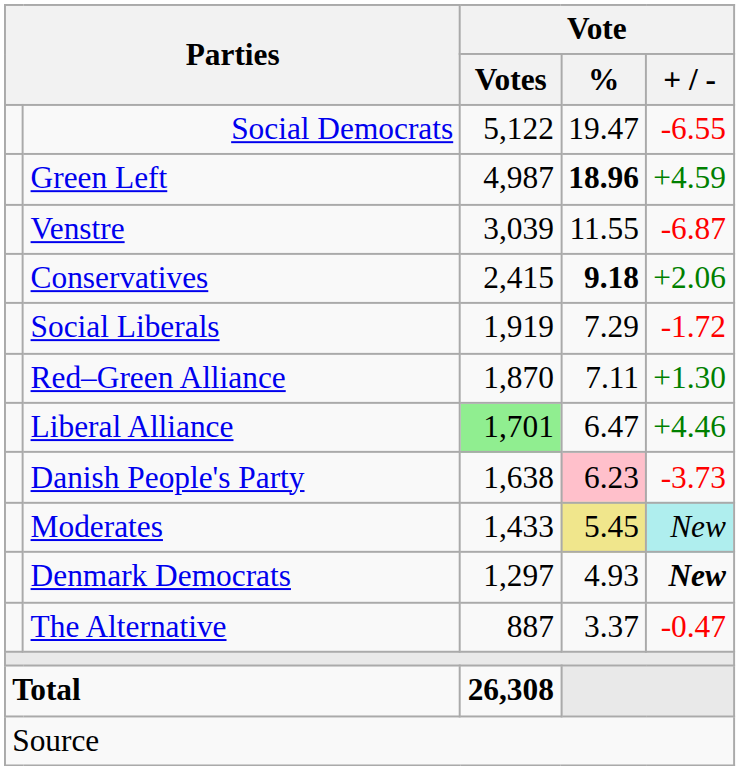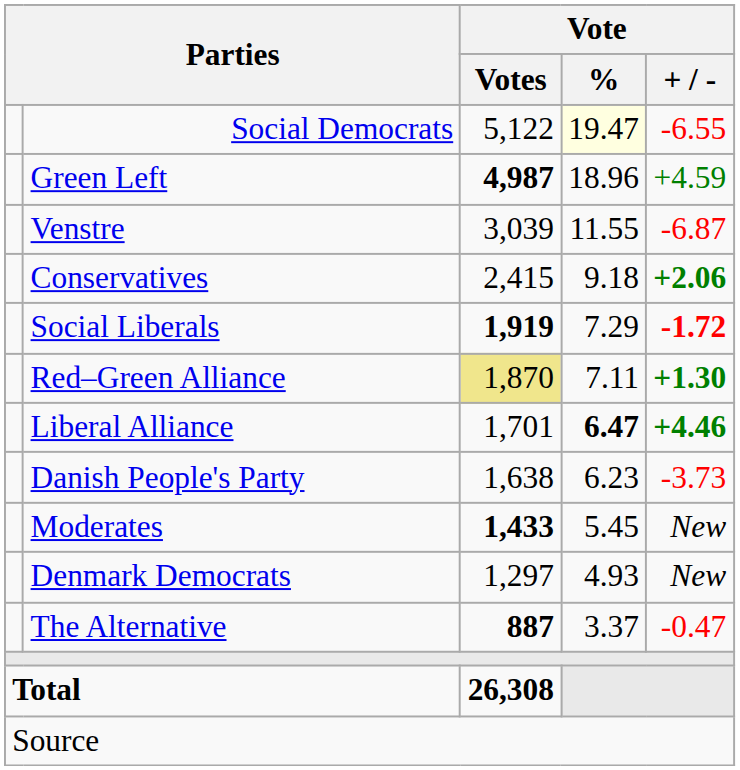 <table class="wikitable" style="text-align:right;">
 <tr>
 <th style="text-align:centre;" rowspan="2" colspan="2" width="225">Parties</th>
 <th colspan="3">Vote</th>
 </tr>
 <tr>
 <th width="15">Votes</th>
 <th width="15">%</th>
 <th width="15">+ / -</th>
 </tr>
 <tr>
 <td width=2 bgcolor=></td>
 <td><a href='#'>Social Democrats</a></td>
 <td>5,122</td>
-<td>19.47</td>
+<td style="background: lightyellow;">19.47</td>
 <td style=color:red;>-6.55</td>
 </tr>
 <tr>
 <td width=2 bgcolor=></td>
 <td align=left><a href='#'>Green Left</a></td>
-<td>4,987</td>
-<td><strong>18.96</strong></td>
+<td><strong>4,987</strong></td>
+<td>18.96</td>
 <td style=color:green;>+4.59</td>
 </tr>
 <tr>
 <td width=2 bgcolor=></td>
 <td align=left><a href='#'>Venstre</a></td>
 <td>3,039</td>
 <td>11.55</td>
 <td style=color:red;>-6.87</td>
 </tr>
 <tr>
 <td width=2 bgcolor=></td>
 <td align=left><a href='#'>Conservatives</a></td>
 <td>2,415</td>
-<td><strong>9.18</strong></td>
-<td style=color:green;>+2.06</td>
+<td>9.18</td>
+<td style=color:green;><strong>+2.06</strong></td>
 </tr>
 <tr>
 <td width=2 bgcolor=></td>
 <td align=left><a href='#'>Social Liberals</a></td>
-<td>1,919</td>
+<td><strong>1,919</strong></td>
 <td>7.29</td>
-<td style=color:red;>-1.72</td>
+<td style=color:red;><strong>-1.72</strong></td>
 </tr>
 <tr>
 <td width=2 bgcolor=></td>
 <td align=left><a href='#'>Red–Green Alliance</a></td>
-<td>1,870</td>
+<td style="background: khaki;">1,870</td>
 <td>7.11</td>
-<td style=color:green;>+1.30</td>
+<td style=color:green;><strong>+1.30</strong></td>
 </tr>
 <tr>
 <td width=2 bgcolor=></td>
 <td align=left><a href='#'>Liberal Alliance</a></td>
-<td style="background: lightgreen;">1,701</td>
-<td>6.47</td>
-<td style=color:green;>+4.46</td>
+<td>1,701</td>
+<td><strong>6.47</strong></td>
+<td style=color:green;><strong>+4.46</strong></td>
 </tr>
 <tr>
 <td width=2 bgcolor=></td>
 <td align=left><a href='#'>Danish People's Party</a></td>
 <td>1,638</td>
-<td style="background: pink;">6.23</td>
+<td>6.23</td>
 <td style=color:red;>-3.73</td>
 </tr>
 <tr>
 <td width=2 bgcolor=></td>
 <td align=left><a href='#'>Moderates</a></td>
-<td>1,433</td>
-<td style="background: khaki;">5.45</td>
-<td style="background: paleturquoise;"><em>New</em></td>
+<td><strong>1,433</strong></td>
+<td>5.45</td>
+<td><em>New</em></td>
 </tr>
 <tr>
 <td width=2 bgcolor=></td>
 <td align=left><a href='#'>Denmark Democrats</a></td>
 <td>1,297</td>
 <td>4.93</td>
-<td><strong><em>New</em></strong></td>
+<td><em>New</em></td>
 </tr>
 <tr>
 <td width=2 bgcolor=></td>
 <td align=left><a href='#'>The Alternative</a></td>
-<td>887</td>
+<td><strong>887</strong></td>
 <td>3.37</td>
 <td style=color:red;>-0.47</td>
 </tr>
 <tr>
 <td colspan="7" bgcolor="#E9E9E9"></td>
 </tr>
 <tr>
 <td align="left" colspan="2"><strong>Total</strong></td>
 <td><strong>26,308</strong></td>
 <td bgcolor=#E9E9E9 colspan=2></td>
 </tr>
 <tr>
 <td align="left" colspan="6">Source</td>
 </tr>
 </table>
